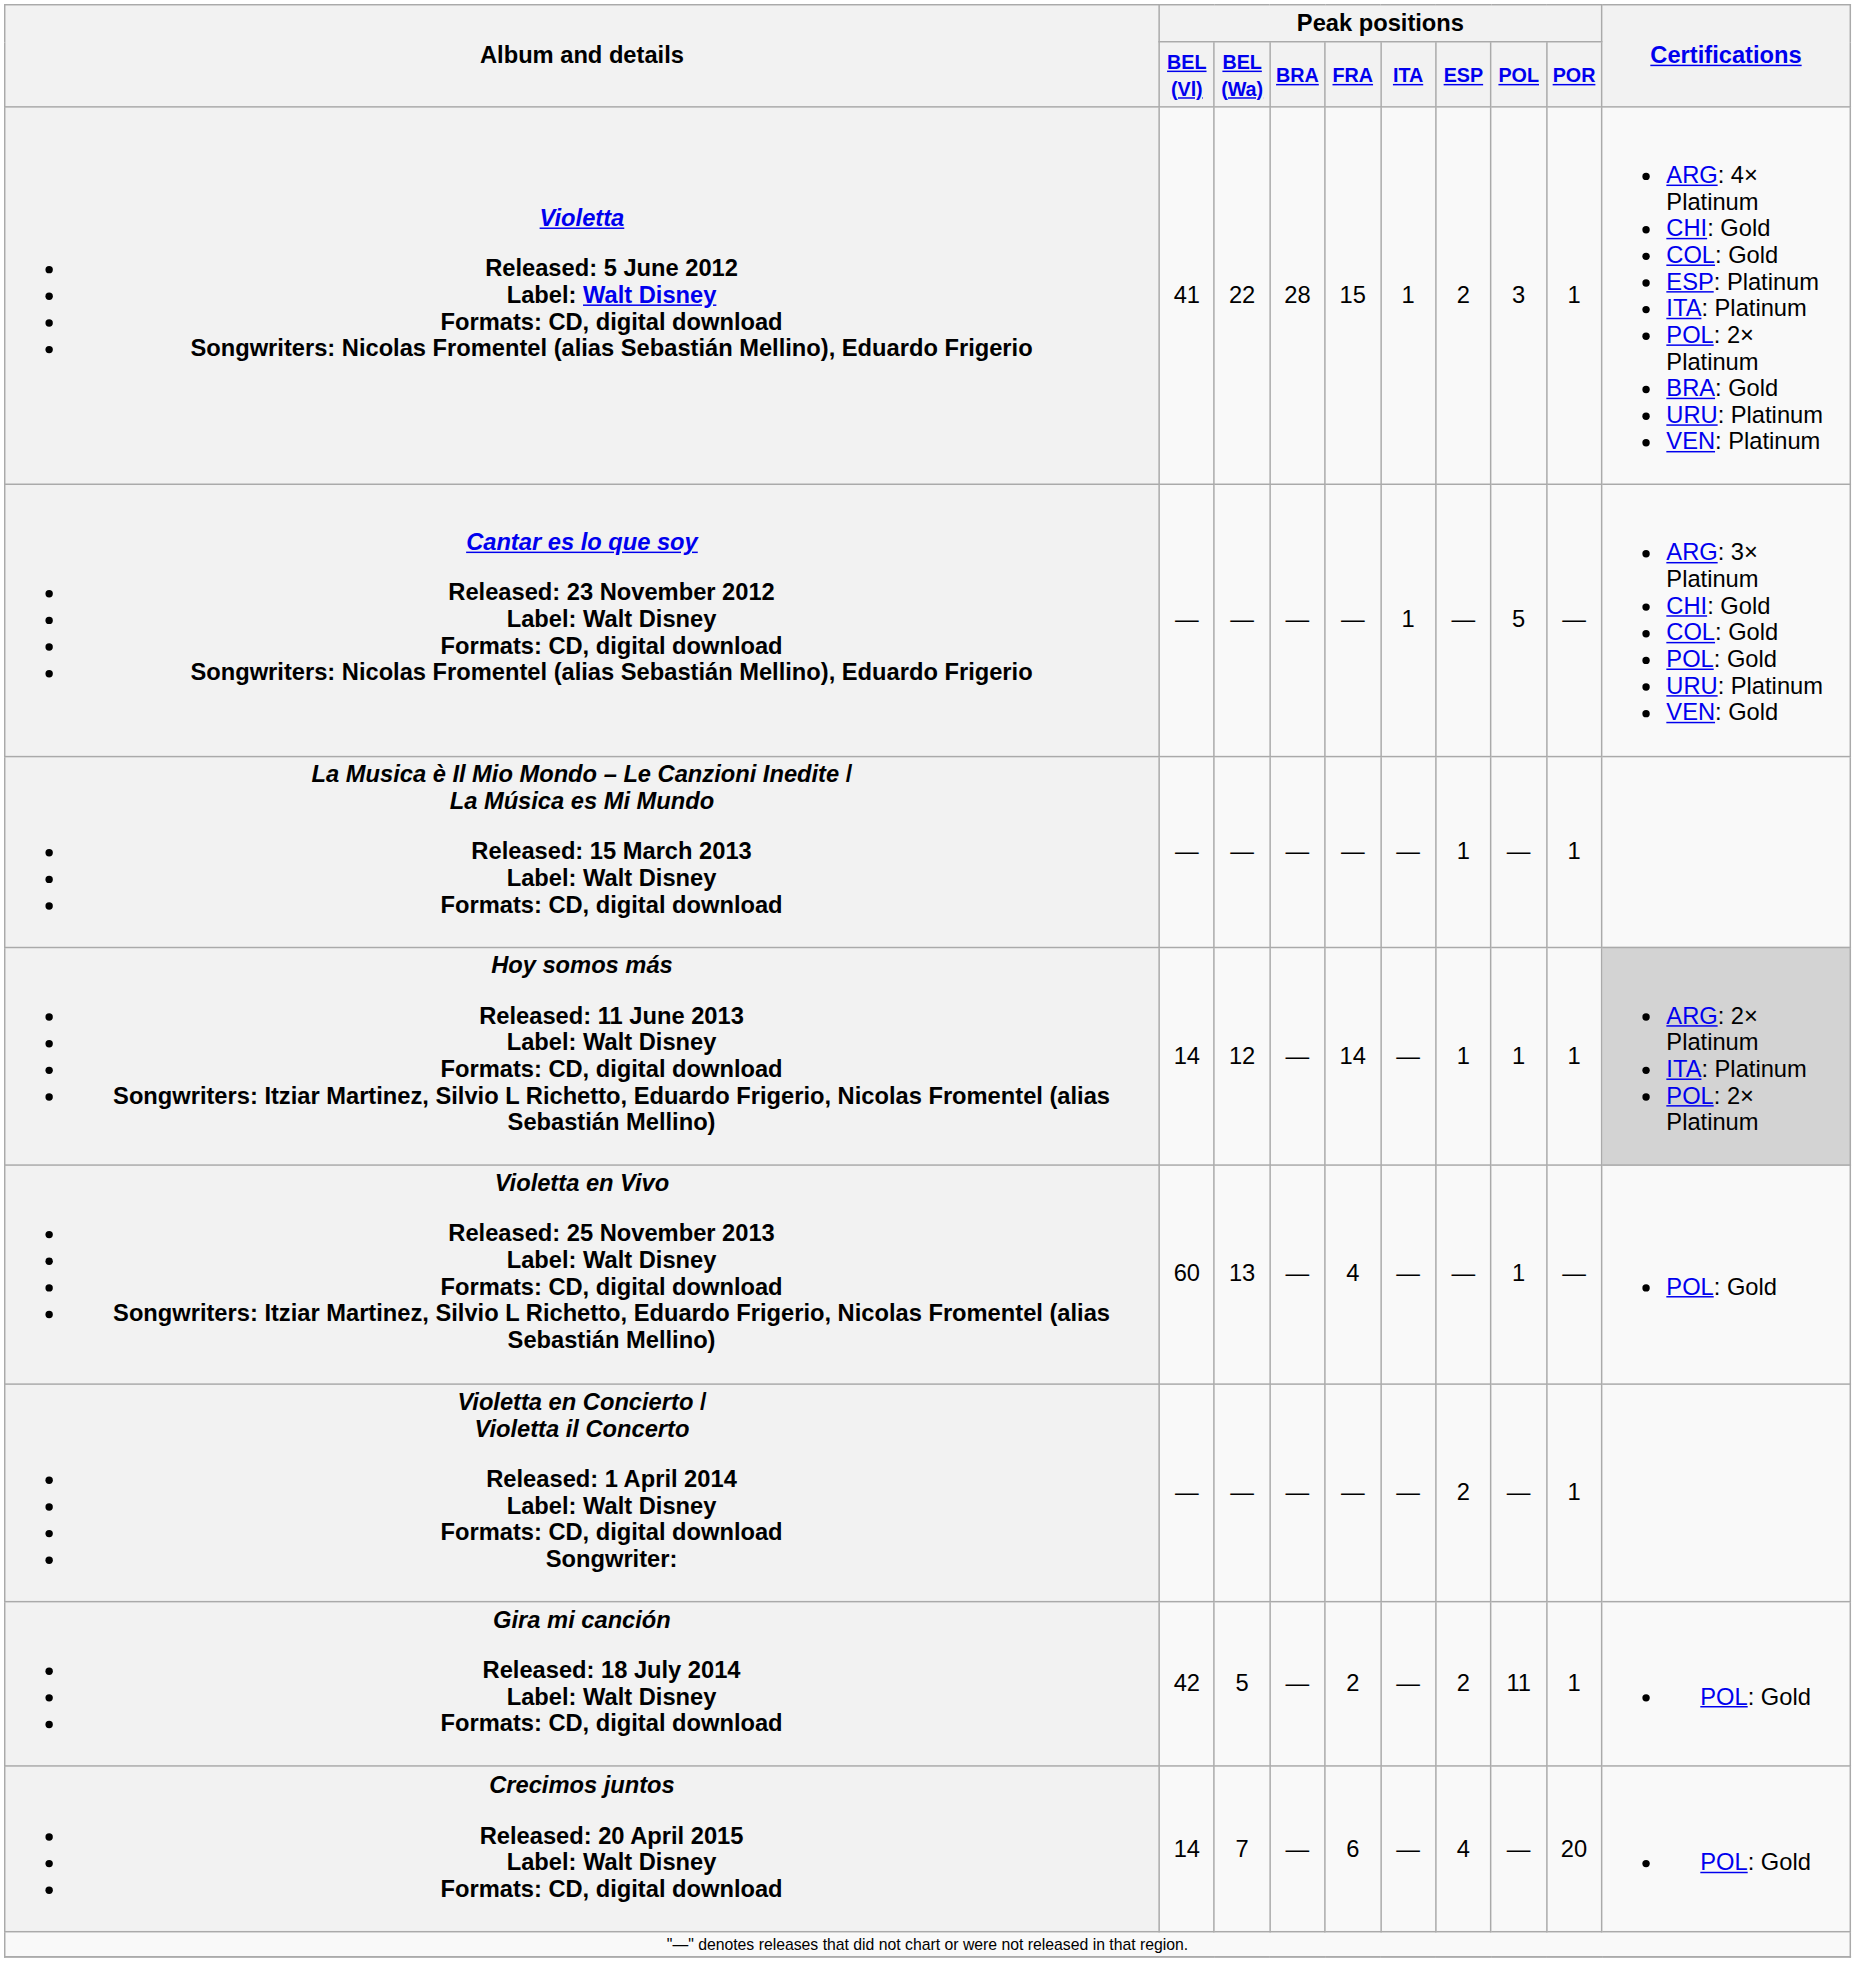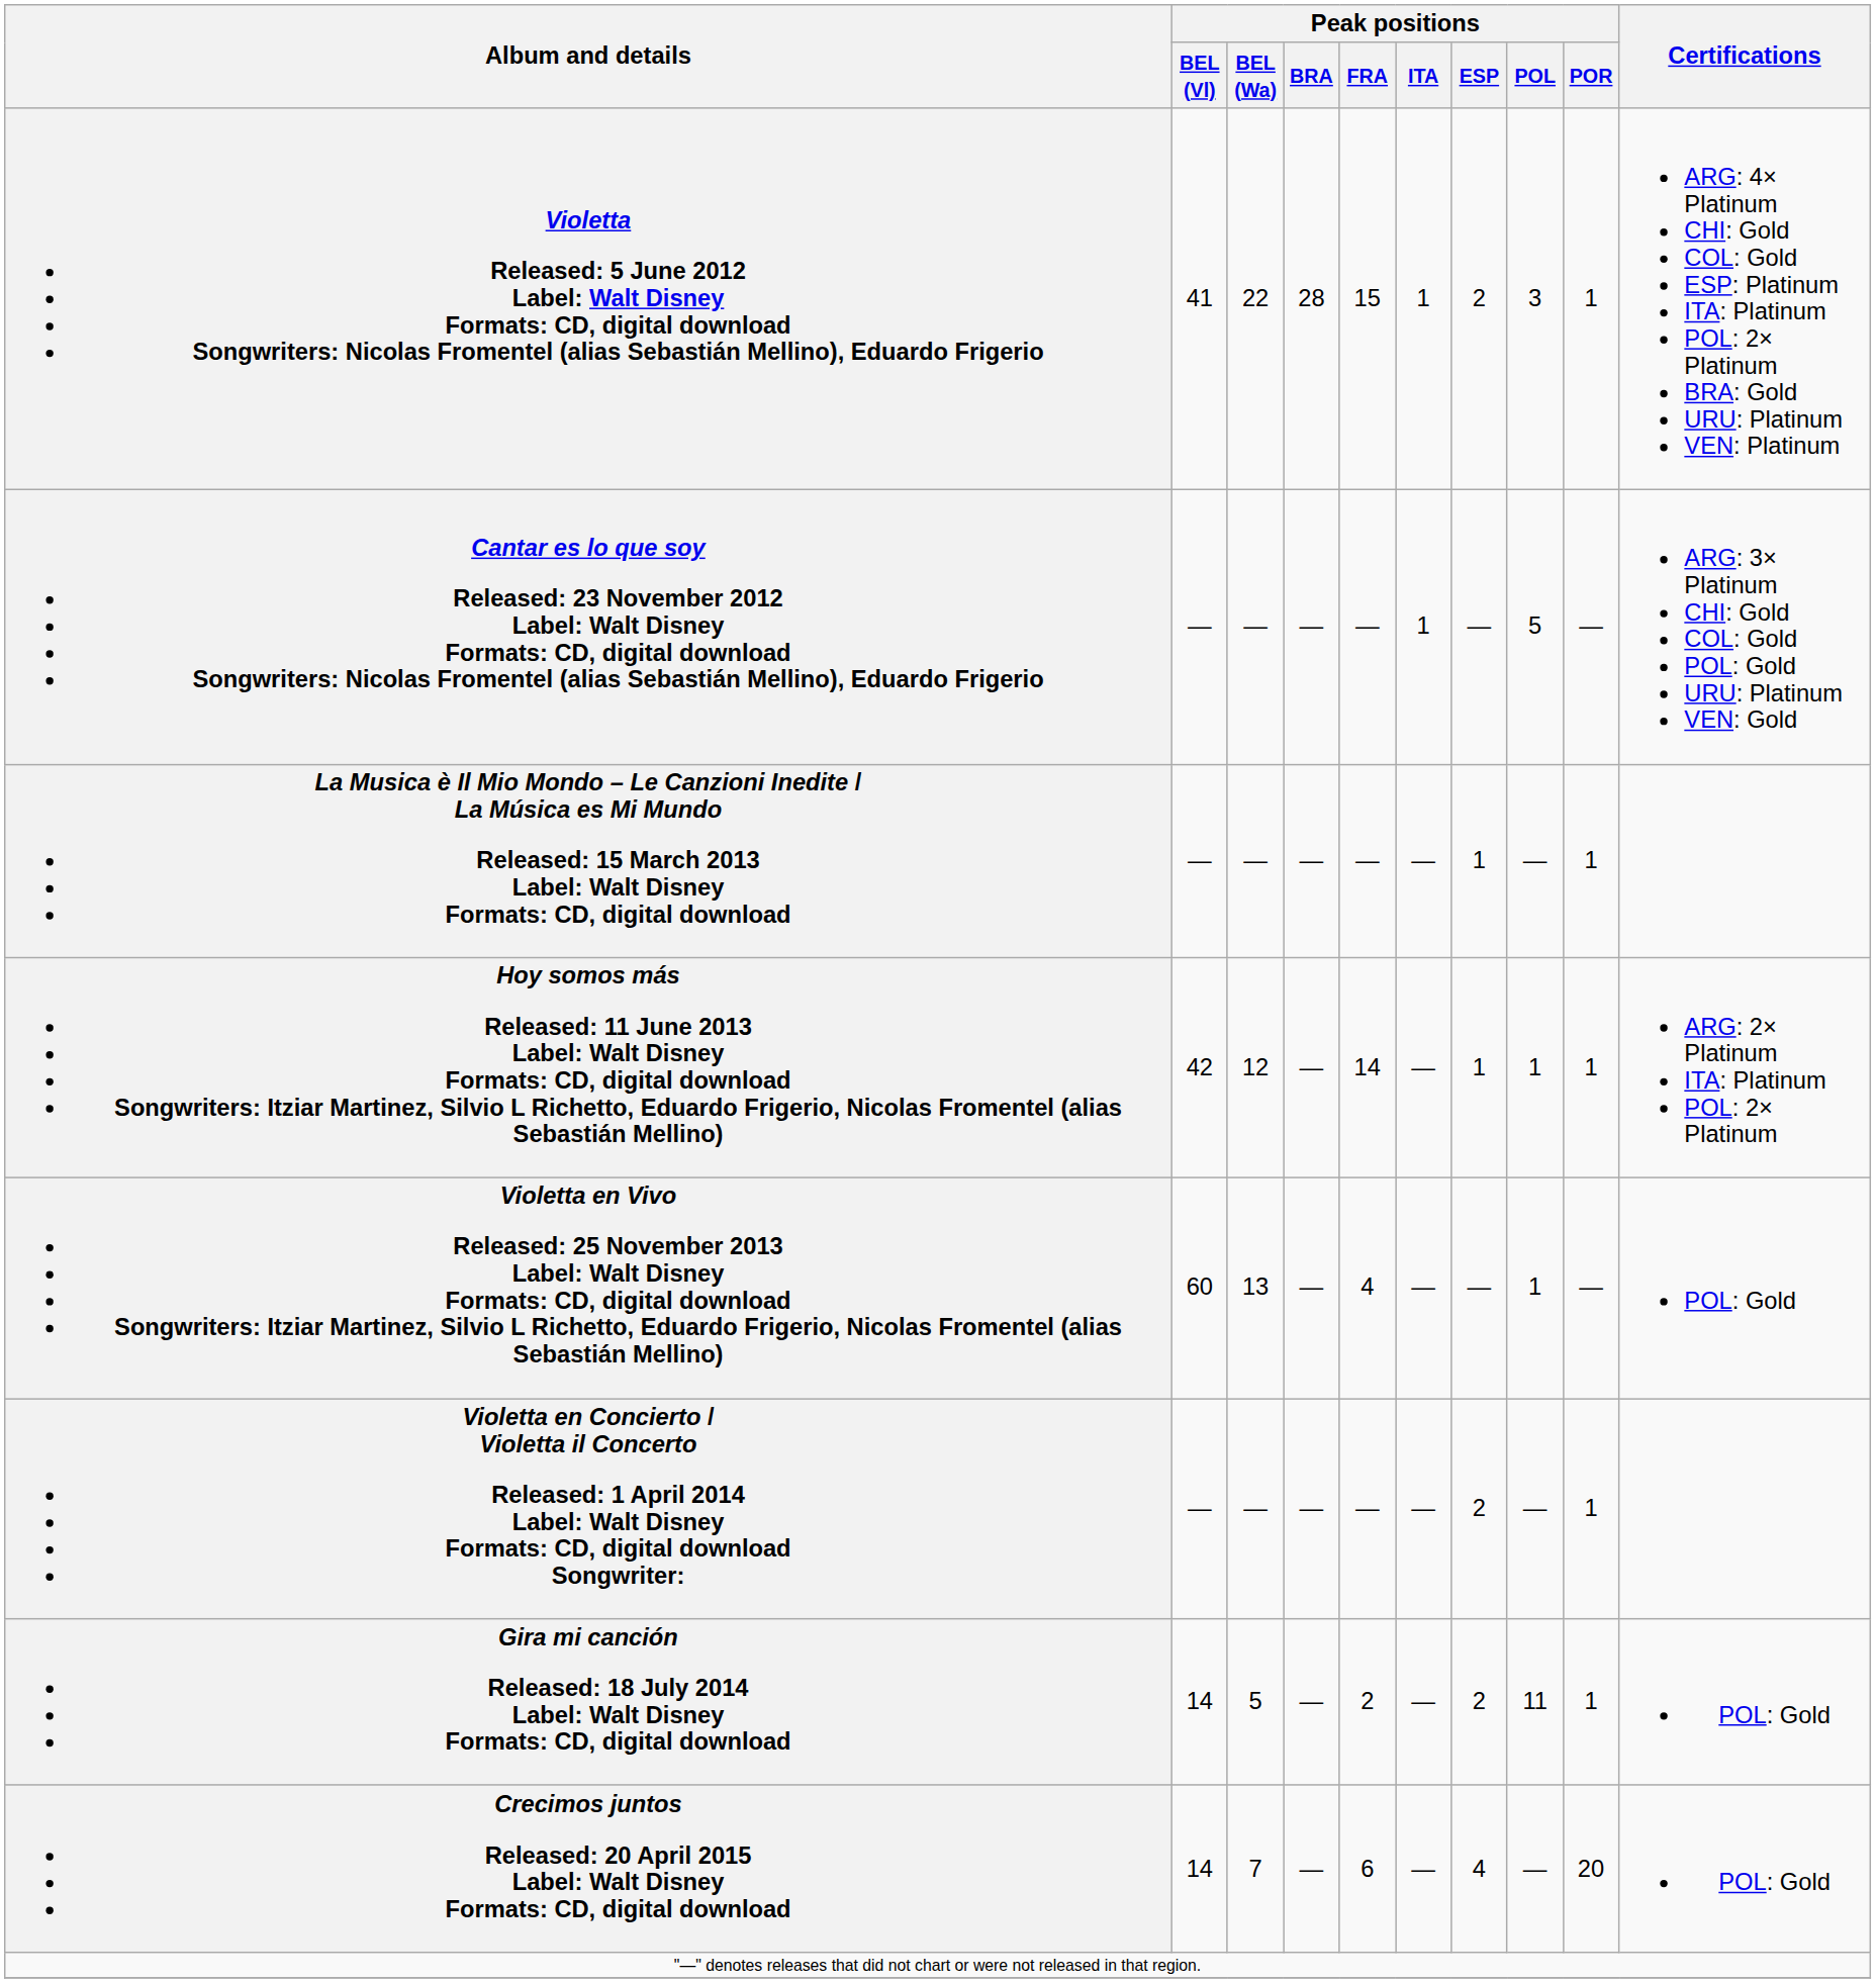 <table class="wikitable plainrowheaders" style="text-align:center;">
 <tr>
 <th scope="col" rowspan="2">Album and details</th>
 <th scope="col" colspan="8">Peak positions</th>
 <th scope="col" rowspan="2"><a href='#'>Certifications</a></th>
 </tr>
 <tr>
 <th width="30"><small><a href='#'>BEL <br>(Vl)</a></small></th>
 <th width="30"><small><a href='#'>BEL <br>(Wa)</a></small></th>
 <th width="30"><small><a href='#'>BRA</a></small></th>
 <th width="30"><small><a href='#'>FRA</a></small></th>
 <th width="30"><small><a href='#'>ITA</a></small></th>
 <th width="30"><small><a href='#'>ESP</a></small></th>
 <th width="30"><small><a href='#'>POL</a></small><br></th>
 <th width="30"><small><a href='#'>POR</a></small></th>
 </tr>
 <tr>
 <th scope="row"><em><a href='#'>Violetta</a></em><br><ul><li>Released: 5 June 2012</li><li>Label: <a href='#'>Walt Disney</a></li><li>Formats: CD, digital download</li><li>Songwriters: Nicolas Fromentel (alias Sebastián Mellino), Eduardo Frigerio</li></ul></th>
 <td>41</td>
 <td>22</td>
 <td>28</td>
 <td>15</td>
 <td>1</td>
 <td>2</td>
 <td>3</td>
 <td>1</td>
 <td style="text-align:left;"><br><ul><li><a href='#'>ARG</a>: 4× Platinum</li><li><a href='#'>CHI</a>: Gold</li><li><a href='#'>COL</a>: Gold</li><li><a href='#'>ESP</a>: Platinum</li><li><a href='#'>ITA</a>: Platinum</li><li><a href='#'>POL</a>: 2× Platinum</li><li><a href='#'>BRA</a>: Gold</li><li><a href='#'>URU</a>: Platinum</li><li><a href='#'>VEN</a>: Platinum</li></ul></td>
 </tr>
 <tr>
 <th scope="row"><em><a href='#'>Cantar es lo que soy</a></em><br><ul><li>Released: 23 November 2012</li><li>Label: Walt Disney</li><li>Formats: CD, digital download</li><li>Songwriters: Nicolas Fromentel (alias Sebastián Mellino), Eduardo Frigerio</li></ul></th>
 <td>—</td>
 <td>—</td>
 <td>—</td>
 <td>—</td>
 <td>1</td>
 <td>—</td>
 <td>5</td>
 <td>—</td>
 <td style="text-align:left;"><br><ul><li><a href='#'>ARG</a>: 3× Platinum</li><li><a href='#'>CHI</a>: Gold</li><li><a href='#'>COL</a>: Gold</li><li><a href='#'>POL</a>: Gold</li><li><a href='#'>URU</a>: Platinum</li><li><a href='#'>VEN</a>: Gold</li></ul></td>
 </tr>
 <tr>
 <th scope="row"><em>La Musica è Il Mio Mondo – Le Canzioni Inedite</em> / <br> <em>La Música es Mi Mundo</em><br><ul><li>Released: 15 March 2013</li><li>Label: Walt Disney</li><li>Formats: CD, digital download</li></ul></th>
 <td>—</td>
 <td>—</td>
 <td>—</td>
 <td>—</td>
 <td>—</td>
 <td>1</td>
 <td>—</td>
 <td>1</td>
 <td style="text-align:left;"></td>
 </tr>
 <tr>
 <th scope="row"><em>Hoy somos más</em><br><ul><li>Released: 11 June 2013</li><li>Label: Walt Disney</li><li>Formats: CD, digital download</li><li>Songwriters: Itziar Martinez, Silvio L Richetto, Eduardo Frigerio, Nicolas Fromentel (alias Sebastián Mellino)</li></ul></th>
-<td>14</td>
+<td>42</td>
 <td>12</td>
 <td>—</td>
 <td>14</td>
 <td>—</td>
 <td>1</td>
 <td>1</td>
 <td>1</td>
-<td style="background: lightgrey; text-align:left;"><br><ul><li><a href='#'>ARG</a>: 2× Platinum</li><li><a href='#'>ITA</a>: Platinum</li><li><a href='#'>POL</a>: 2× Platinum</li></ul></td>
+<td style="text-align:left;"><br><ul><li><a href='#'>ARG</a>: 2× Platinum</li><li><a href='#'>ITA</a>: Platinum</li><li><a href='#'>POL</a>: 2× Platinum</li></ul></td>
 </tr>
 <tr>
 <th scope="row"><em>Violetta en Vivo</em><br><ul><li>Released: 25 November 2013</li><li>Label: Walt Disney</li><li>Formats: CD, digital download</li><li>Songwriters: Itziar Martinez, Silvio L Richetto, Eduardo Frigerio, Nicolas Fromentel (alias Sebastián Mellino)</li></ul></th>
 <td>60</td>
 <td>13</td>
 <td>—</td>
 <td>4</td>
 <td>—</td>
 <td>—</td>
 <td>1</td>
 <td>—</td>
 <td style="text-align:left;"><br><ul><li><a href='#'>POL</a>: Gold</li></ul></td>
 </tr>
 <tr>
 <th scope="row"><em>Violetta en Concierto</em> / <br><em>Violetta il Concerto</em><br><ul><li>Released: 1 April 2014</li><li>Label: Walt Disney</li><li>Formats: CD, digital download</li><li>Songwriter:</li></ul></th>
 <td>—</td>
 <td>—</td>
 <td>—</td>
 <td>—</td>
 <td>—</td>
 <td>2</td>
 <td>—</td>
 <td>1</td>
 <td style="text-align:left;"></td>
 </tr>
 <tr>
 <th scope="row"><em>Gira mi canción</em><br><ul><li>Released: 18 July 2014</li><li>Label: Walt Disney</li><li>Formats: CD, digital download</li></ul></th>
-<td>42</td>
+<td>14</td>
 <td>5</td>
 <td>—</td>
 <td>2</td>
 <td>—</td>
 <td>2</td>
 <td>11</td>
 <td>1</td>
 <td><br><ul><li><a href='#'>POL</a>: Gold</li></ul></td>
 </tr>
 <tr>
 <th scope="row"><em>Crecimos juntos</em><br><ul><li>Released: 20 April 2015</li><li>Label: Walt Disney</li><li>Formats: CD, digital download</li></ul></th>
 <td>14</td>
 <td>7</td>
 <td>—</td>
 <td>6</td>
 <td>—</td>
 <td>4</td>
 <td>—</td>
 <td>20</td>
 <td><br><ul><li><a href='#'>POL</a>: Gold</li></ul></td>
 </tr>
 <tr>
 <td colspan="14" style="text-align:center; font-size:8pt;">"—" denotes releases that did not chart or were not released in that region.</td>
 </tr>
 <tr>
 </tr>
 </table>
